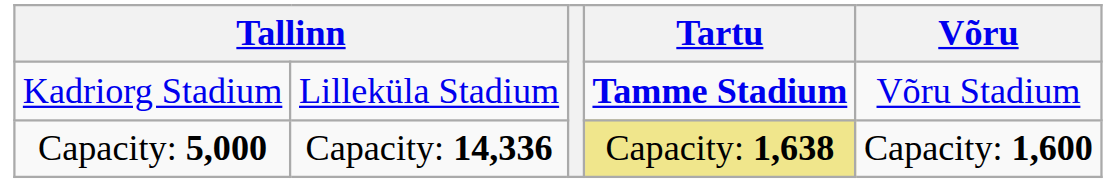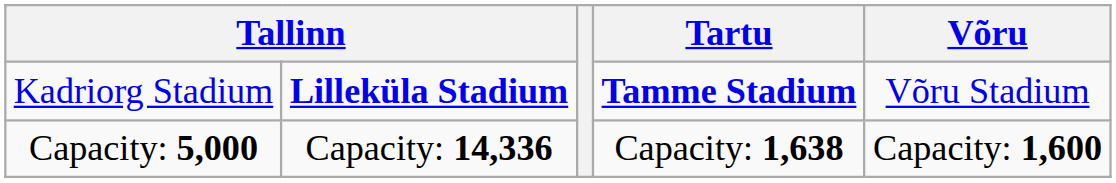 <table class="wikitable" style="text-align:center;margin:1em auto;">
 <tr>
 <th colspan="2"><a href='#'>Tallinn</a></th>
 <th rowspan=4 text-align="center"></th>
 <th><a href='#'>Tartu</a></th>
 <th><a href='#'>Võru</a></th>
 </tr>
 <tr>
 <td><a href='#'>Kadriorg Stadium</a></td>
-<td><a href='#'>Lilleküla Stadium</a></td>
+<td><strong><a href='#'>Lilleküla Stadium</a></strong></td>
 <td><strong><a href='#'>Tamme Stadium</a></strong></td>
 <td><a href='#'>Võru Stadium</a></td>
 </tr>
 <tr>
 <td>Capacity: <strong>5,000</strong></td>
 <td>Capacity: <strong>14,336</strong></td>
-<td style="background: khaki;">Capacity: <strong>1,638</strong></td>
+<td>Capacity: <strong>1,638</strong></td>
 <td>Capacity: <strong>1,600</strong></td>
 </tr>
 </table>
